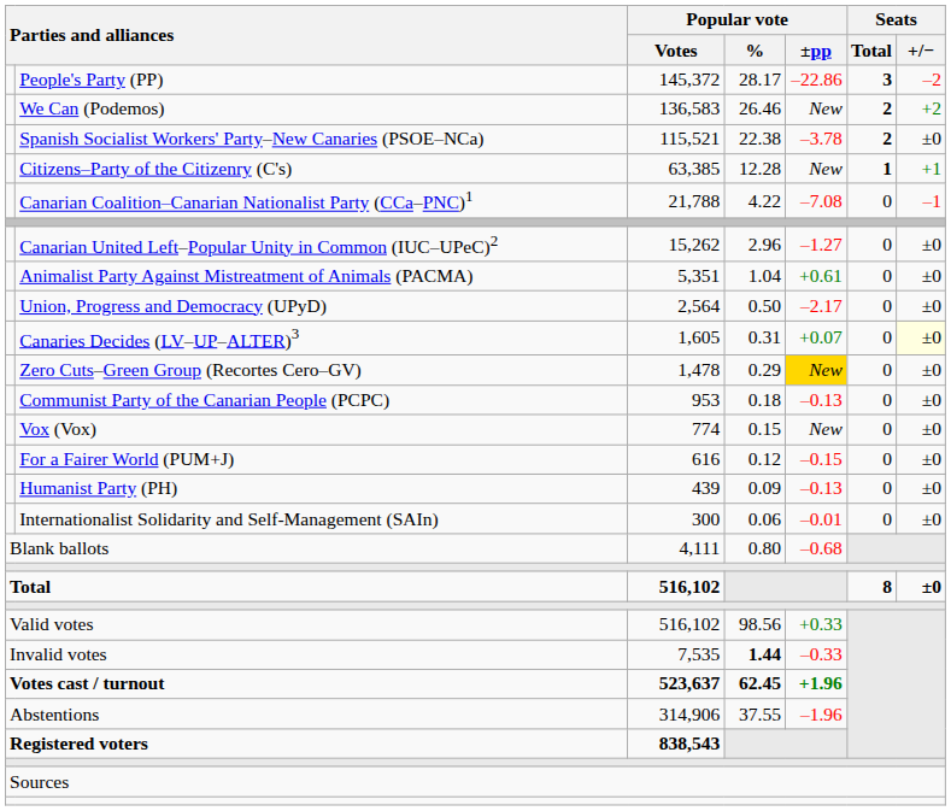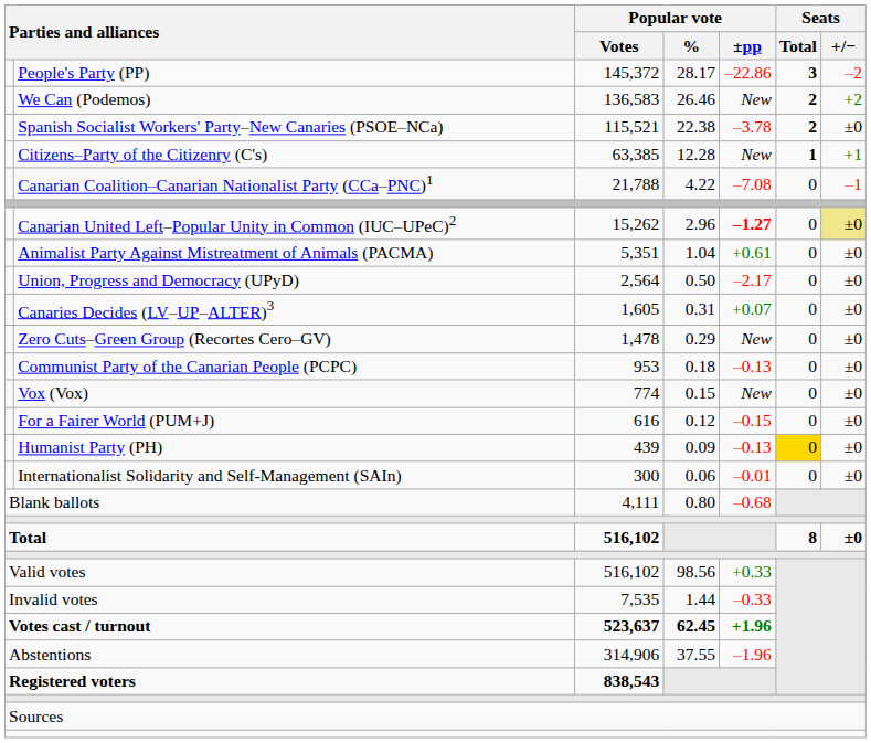 <table class="wikitable" style="text-align:right;">
 <tr>
 <th style="text-align:left;" rowspan="2" colspan="2" width="525">Parties and alliances</th>
 <th colspan="3">Popular vote</th>
 <th colspan="2">Seats</th>
 </tr>
 <tr>
 <th width="75">Votes</th>
 <th width="45">%</th>
 <th width="45">±<a href='#'>pp</a></th>
 <th width="35">Total</th>
 <th width="35">+/−</th>
 </tr>
 <tr>
 <td width="1" style="color:inherit;background:"></td>
 <td align="left"><a href='#'>People's Party</a> (PP)</td>
 <td>145,372</td>
 <td>28.17</td>
 <td style="color:red;">–22.86</td>
 <td><strong>3</strong></td>
 <td style="color:red;">–2</td>
 </tr>
 <tr>
 <td style="color:inherit;background:"></td>
 <td align="left"><a href='#'>We Can</a> (Podemos)</td>
 <td>136,583</td>
 <td>26.46</td>
 <td><em>New</em></td>
 <td><strong>2</strong></td>
 <td style="color:green;">+2</td>
 </tr>
 <tr>
 <td style="color:inherit;background:"></td>
 <td align="left"><a href='#'>Spanish Socialist Workers' Party</a>–<a href='#'>New Canaries</a> (PSOE–NCa)</td>
 <td>115,521</td>
 <td>22.38</td>
 <td style="color:red;">–3.78</td>
 <td><strong>2</strong></td>
 <td>±0</td>
 </tr>
 <tr>
 <td style="color:inherit;background:"></td>
 <td align="left"><a href='#'>Citizens–Party of the Citizenry</a> (C's)</td>
 <td>63,385</td>
 <td>12.28</td>
 <td><em>New</em></td>
 <td><strong>1</strong></td>
 <td style="color:green;">+1</td>
 </tr>
 <tr>
 <td style="color:inherit;background:"></td>
 <td align="left"><a href='#'>Canarian Coalition–Canarian Nationalist Party</a> (<a href='#'>CCa</a>–<a href='#'>PNC</a>)<sup>1</sup></td>
 <td>21,788</td>
 <td>4.22</td>
 <td style="color:red;">–7.08</td>
 <td>0</td>
 <td style="color:red;">–1</td>
 </tr>
 <tr>
 <td colspan="7" bgcolor="#C0C0C0"></td>
 </tr>
 <tr>
 <td style="color:inherit;background:"></td>
 <td align="left"><a href='#'>Canarian United Left</a>–<a href='#'>Popular Unity in Common</a> (IUC–UPeC)<sup>2</sup></td>
 <td>15,262</td>
 <td>2.96</td>
-<td style="color:red;">–1.27</td>
+<td style="color:red;"><strong>–1.27</strong></td>
 <td>0</td>
-<td>±0</td>
+<td style="background: khaki;">±0</td>
 </tr>
 <tr>
 <td style="color:inherit;background:"></td>
 <td align="left"><a href='#'>Animalist Party Against Mistreatment of Animals</a> (PACMA)</td>
 <td>5,351</td>
 <td>1.04</td>
 <td style="color:green;">+0.61</td>
 <td>0</td>
 <td>±0</td>
 </tr>
 <tr>
 <td style="color:inherit;background:"></td>
 <td align="left"><a href='#'>Union, Progress and Democracy</a> (UPyD)</td>
 <td>2,564</td>
 <td>0.50</td>
 <td style="color:red;">–2.17</td>
 <td>0</td>
 <td>±0</td>
 </tr>
 <tr>
 <td style="color:inherit;background:"></td>
 <td align="left"><a href='#'>Canaries Decides</a> (<a href='#'>LV</a>–<a href='#'>UP</a>–<a href='#'>ALTER</a>)<sup>3</sup></td>
 <td>1,605</td>
 <td>0.31</td>
 <td style="color:green;">+0.07</td>
 <td>0</td>
-<td style="background: lightyellow;">±0</td>
+<td>±0</td>
 </tr>
 <tr>
 <td style="color:inherit;background:"></td>
 <td align="left"><a href='#'>Zero Cuts</a>–<a href='#'>Green Group</a> (Recortes Cero–GV)</td>
 <td>1,478</td>
 <td>0.29</td>
-<td style="background: gold;"><em>New</em></td>
+<td><em>New</em></td>
 <td>0</td>
 <td>±0</td>
 </tr>
 <tr>
 <td style="color:inherit;background:"></td>
 <td align="left"><a href='#'>Communist Party of the Canarian People</a> (PCPC)</td>
 <td>953</td>
 <td>0.18</td>
 <td style="color:red;">–0.13</td>
 <td>0</td>
 <td>±0</td>
 </tr>
 <tr>
 <td style="color:inherit;background:"></td>
 <td align="left"><a href='#'>Vox</a> (Vox)</td>
 <td>774</td>
 <td>0.15</td>
 <td><em>New</em></td>
 <td>0</td>
 <td>±0</td>
 </tr>
 <tr>
 <td style="color:inherit;background:"></td>
 <td align="left"><a href='#'>For a Fairer World</a> (PUM+J)</td>
 <td>616</td>
 <td>0.12</td>
 <td style="color:red;">–0.15</td>
 <td>0</td>
 <td>±0</td>
 </tr>
 <tr>
 <td style="color:inherit;background:"></td>
 <td align="left"><a href='#'>Humanist Party</a> (PH)</td>
 <td>439</td>
 <td>0.09</td>
 <td style="color:red;">–0.13</td>
-<td>0</td>
+<td style="background: gold;">0</td>
 <td>±0</td>
 </tr>
 <tr>
 <td style="color:inherit;background:"></td>
 <td align="left">Internationalist Solidarity and Self-Management (SAIn)</td>
 <td>300</td>
 <td>0.06</td>
 <td style="color:red;">–0.01</td>
 <td>0</td>
 <td>±0</td>
 </tr>
 <tr>
 <td align="left" colspan="2">Blank ballots</td>
 <td>4,111</td>
 <td>0.80</td>
 <td style="color:red;">–0.68</td>
 <td bgcolor="#E9E9E9" colspan="2"></td>
 </tr>
 <tr>
 <td colspan="7" bgcolor="#E9E9E9"></td>
 </tr>
 <tr style="font-weight:bold;">
 <td align="left" colspan="2">Total</td>
 <td>516,102</td>
 <td bgcolor="#E9E9E9" colspan="2"></td>
 <td>8</td>
 <td>±0</td>
 </tr>
 <tr>
 <td colspan="7" bgcolor="#E9E9E9"></td>
 </tr>
 <tr>
 <td align="left" colspan="2">Valid votes</td>
 <td>516,102</td>
 <td>98.56</td>
 <td style="color:green;">+0.33</td>
 <td bgcolor="#E9E9E9" colspan="2" rowspan="5"></td>
 </tr>
 <tr>
 <td align="left" colspan="2">Invalid votes</td>
 <td>7,535</td>
-<td><strong>1.44</strong></td>
+<td>1.44</td>
 <td style="color:red;">–0.33</td>
 </tr>
 <tr style="font-weight:bold;">
 <td align="left" colspan="2">Votes cast / turnout</td>
 <td>523,637</td>
 <td>62.45</td>
 <td style="color:green;">+1.96</td>
 </tr>
 <tr>
 <td align="left" colspan="2">Abstentions</td>
 <td>314,906</td>
 <td>37.55</td>
 <td style="color:red;">–1.96</td>
 </tr>
 <tr style="font-weight:bold;">
 <td align="left" colspan="2">Registered voters</td>
 <td>838,543</td>
 <td bgcolor="#E9E9E9" colspan="2"></td>
 </tr>
 <tr>
 <td colspan="7" bgcolor="#E9E9E9"></td>
 </tr>
 <tr>
 <td align="left" colspan="7">Sources</td>
 </tr>
 <tr>
 <td colspan="7" style="text-align:left; max-width:790px;"></td>
 </tr>
 </table>
